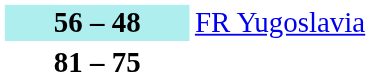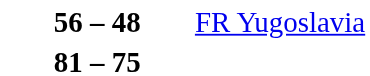 <table style="text-align:center">
 <tr>
 <th width=200></th>
 <th width=100></th>
 <th width=200></th>
 </tr>
 <tr>
 <td align=right><strong></strong></td>
-<td style="background: paleturquoise;"><strong>56 – 48 </strong></td>
+<td><strong>56 – 48 </strong></td>
 <td align=left> <a href='#'>FR Yugoslavia</a></td>
 </tr>
 <tr>
 <td align=right><strong></strong></td>
 <td><strong>81 – 75</strong></td>
 <td align=left></td>
 </tr>
 </table>
